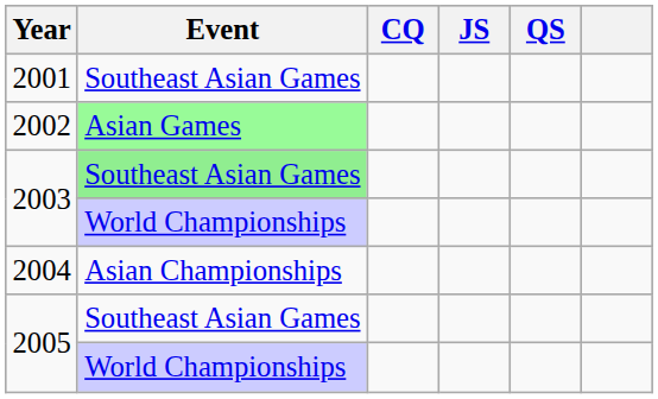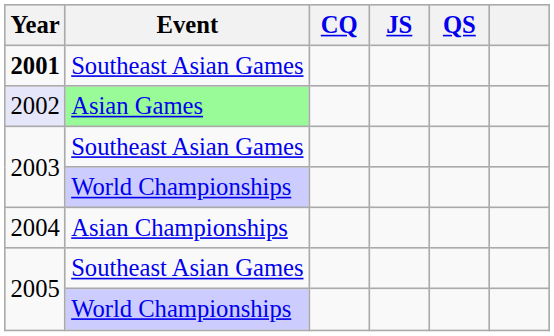 <table class="wikitable" style="text-align:center; font-size:95%;">
 <tr>
 <th align="center">Year</th>
 <th align="center">Event</th>
 <th style="width:30px;"><a href='#'>CQ</a></th>
 <th style="width:30px;"><a href='#'>JS</a></th>
 <th style="width:30px;"><a href='#'>QS</a></th>
 <th style="width:30px;"></th>
 </tr>
 <tr>
-<td>2001</td>
+<td><strong>2001</strong></td>
 <td><a href='#'>Southeast Asian Games</a></td>
 <td></td>
 <td></td>
 <td></td>
 <td></td>
 </tr>
 <tr>
-<td>2002</td>
+<td style="background: lavender;">2002</td>
 <td style="background:#98fb98;" align="left"><a href='#'>Asian Games</a></td>
 <td></td>
 <td></td>
 <td></td>
 <td></td>
 </tr>
 <tr>
 <td rowspan="2">2003</td>
-<td align="left" style="background: lightgreen;"><a href='#'>Southeast Asian Games</a></td>
+<td align="left"><a href='#'>Southeast Asian Games</a></td>
 <td></td>
 <td></td>
 <td></td>
 <td></td>
 </tr>
 <tr>
 <td style="background:#ccf;" align="left"><a href='#'>World Championships</a></td>
 <td></td>
 <td></td>
 <td></td>
 <td></td>
 </tr>
 <tr>
 <td>2004</td>
 <td align="left"><a href='#'>Asian Championships</a></td>
 <td></td>
 <td></td>
 <td></td>
 <td></td>
 </tr>
 <tr>
 <td rowspan="2">2005</td>
 <td><a href='#'>Southeast Asian Games</a></td>
 <td></td>
 <td></td>
 <td></td>
 <td></td>
 </tr>
 <tr>
 <td style="background:#ccf;" align="left"><a href='#'>World Championships</a></td>
 <td></td>
 <td></td>
 <td></td>
 <td></td>
 </tr>
 </table>
